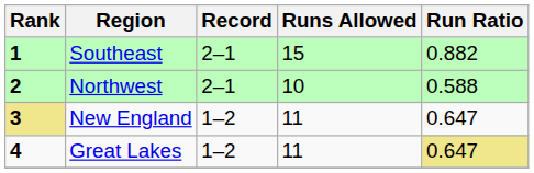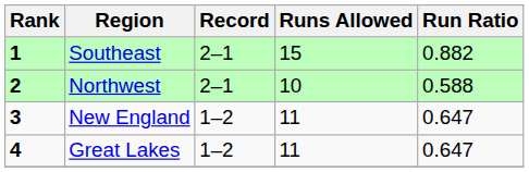 <table class="wikitable">
 <tr>
 <th>Rank</th>
 <th>Region</th>
 <th>Record</th>
 <th>Runs Allowed</th>
 <th>Run Ratio</th>
 </tr>
 <tr bgcolor=#bbffbb>
 <td><strong>1</strong></td>
 <td> <a href='#'>Southeast</a></td>
 <td>2–1</td>
 <td>15</td>
 <td>0.882</td>
 </tr>
 <tr bgcolor=#bbffbb>
 <td><strong>2</strong></td>
 <td> <a href='#'>Northwest</a></td>
 <td>2–1</td>
 <td>10</td>
 <td>0.588</td>
 </tr>
 <tr>
-<td style="background: khaki;"><strong>3</strong></td>
+<td><strong>3</strong></td>
 <td> <a href='#'>New England</a></td>
 <td>1–2</td>
 <td>11</td>
 <td>0.647</td>
 </tr>
 <tr>
 <td><strong>4</strong></td>
 <td> <a href='#'>Great Lakes</a></td>
 <td>1–2</td>
 <td>11</td>
-<td style="background: khaki;">0.647</td>
+<td>0.647</td>
 </tr>
 <tr>
 </tr>
 </table>
